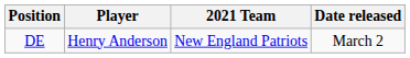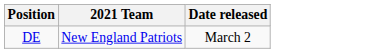 <table class="wikitable" style="text-align:center">
 <tr>
 <th>Position</th>
-<th>Player</th>
 <th>2021 Team</th>
 <th>Date released</th>
 </tr>
 <tr>
 <td><a href='#'>DE</a></td>
-<td><a href='#'>Henry Anderson</a></td>
 <td><a href='#'>New England Patriots</a></td>
 <td>March 2</td>
 </tr>
 </table>
